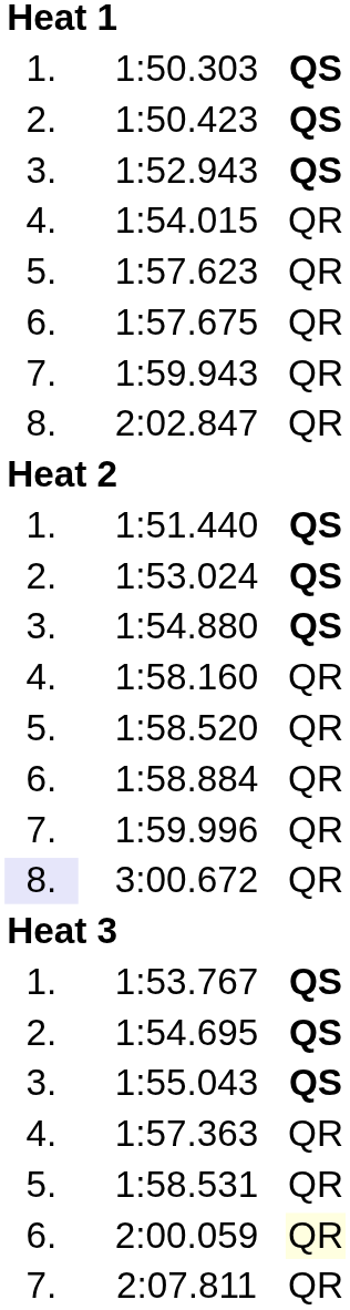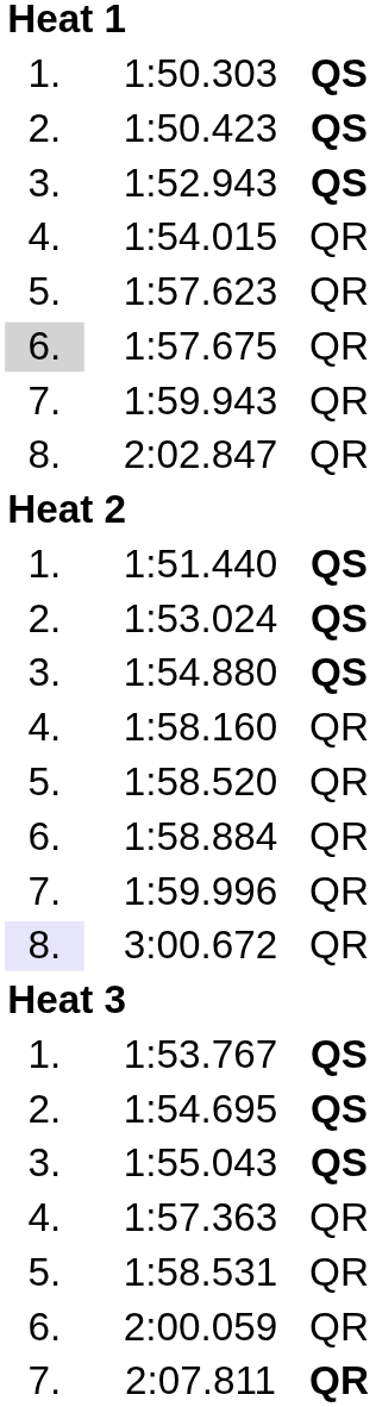 <table style="text-align:center">
 <tr>
 <td colspan=4 align=left><strong>Heat 1</strong></td>
 </tr>
 <tr>
 <td width=30>1.</td>
 <td align=left></td>
 <td width=80>1:50.303</td>
 <td><strong>QS</strong></td>
 </tr>
 <tr>
 <td>2.</td>
 <td align=left></td>
 <td>1:50.423</td>
 <td><strong>QS</strong></td>
 </tr>
 <tr>
 <td>3.</td>
 <td align=left></td>
 <td>1:52.943</td>
 <td><strong>QS</strong></td>
 </tr>
 <tr>
 <td>4.</td>
 <td align=left></td>
 <td>1:54.015</td>
 <td>QR</td>
 </tr>
 <tr>
 <td>5.</td>
 <td align=left></td>
 <td>1:57.623</td>
 <td>QR</td>
 </tr>
 <tr>
-<td>6.</td>
+<td style="background: lightgrey;">6.</td>
 <td align=left></td>
 <td>1:57.675</td>
 <td>QR</td>
 </tr>
 <tr>
 <td>7.</td>
 <td align=left></td>
 <td>1:59.943</td>
 <td>QR</td>
 </tr>
 <tr>
 <td>8.</td>
 <td align=left></td>
 <td>2:02.847</td>
 <td>QR</td>
 </tr>
 <tr>
 <td colspan=4 align=left><strong>Heat 2</strong></td>
 </tr>
 <tr>
 <td>1.</td>
 <td align=left></td>
 <td>1:51.440</td>
 <td><strong>QS</strong></td>
 </tr>
 <tr>
 <td>2.</td>
 <td align=left></td>
 <td>1:53.024</td>
 <td><strong>QS</strong></td>
 </tr>
 <tr>
 <td>3.</td>
 <td align=left></td>
 <td>1:54.880</td>
 <td><strong>QS</strong></td>
 </tr>
 <tr>
 <td>4.</td>
 <td align=left></td>
 <td>1:58.160</td>
 <td>QR</td>
 </tr>
 <tr>
 <td>5.</td>
 <td align=left></td>
 <td>1:58.520</td>
 <td>QR</td>
 </tr>
 <tr>
 <td>6.</td>
 <td align=left></td>
 <td>1:58.884</td>
 <td>QR</td>
 </tr>
 <tr>
 <td>7.</td>
 <td align=left></td>
 <td>1:59.996</td>
 <td>QR</td>
 </tr>
 <tr>
 <td style="background: lavender;">8.</td>
 <td align=left></td>
 <td>3:00.672</td>
 <td>QR</td>
 </tr>
 <tr>
 <td colspan=4 align=left><strong>Heat 3</strong></td>
 </tr>
 <tr>
 <td>1.</td>
 <td align=left></td>
 <td>1:53.767</td>
 <td><strong>QS</strong></td>
 </tr>
 <tr>
 <td>2.</td>
 <td align=left></td>
 <td>1:54.695</td>
 <td><strong>QS</strong></td>
 </tr>
 <tr>
 <td>3.</td>
 <td align=left></td>
 <td>1:55.043</td>
 <td><strong>QS</strong></td>
 </tr>
 <tr>
 <td>4.</td>
 <td align=left></td>
 <td>1:57.363</td>
 <td>QR</td>
 </tr>
 <tr>
 <td>5.</td>
 <td align=left></td>
 <td>1:58.531</td>
 <td>QR</td>
 </tr>
 <tr>
 <td>6.</td>
 <td align=left></td>
 <td>2:00.059</td>
-<td style="background: lightyellow;">QR</td>
+<td>QR</td>
 </tr>
 <tr>
 <td>7.</td>
 <td align=left></td>
 <td>2:07.811</td>
-<td>QR</td>
+<td><strong>QR</strong></td>
 </tr>
 </table>
